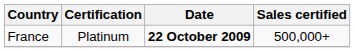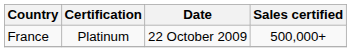 <table class="wikitable sortable">
 <tr>
 <th>Country</th>
 <th>Certification</th>
 <th>Date</th>
 <th>Sales certified</th>
 </tr>
 <tr>
 <td>France</td>
 <td align="center">Platinum</td>
-<td align="center"><strong>22 October 2009</strong></td>
+<td align="center">22 October 2009</td>
 <td align="center">500,000+</td>
 </tr>
 <tr>
 </tr>
 </table>
